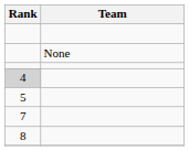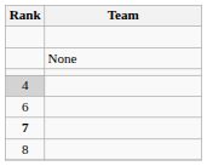 <table class="wikitable" style="text-align: center;">
 <tr>
 <th width=40>Rank</th>
 <th width=180>Team</th>
 </tr>
 <tr>
 <td></td>
 <td align=left> <br> </td>
 </tr>
 <tr>
 <td></td>
 <td align=left>None</td>
 </tr>
 <tr>
 <td></td>
 <td align=left></td>
 </tr>
 <tr>
 <td style="background: lightgrey;">4</td>
 <td align=left></td>
 </tr>
 <tr>
-<td>5</td>
+<td>6</td>
 <td align=left> <br> </td>
 </tr>
 <tr>
-<td>7</td>
+<td><strong>7</strong></td>
 <td align=left></td>
 </tr>
 <tr>
 <td>8</td>
 <td align=left></td>
 </tr>
 <tr>
 </tr>
 </table>
